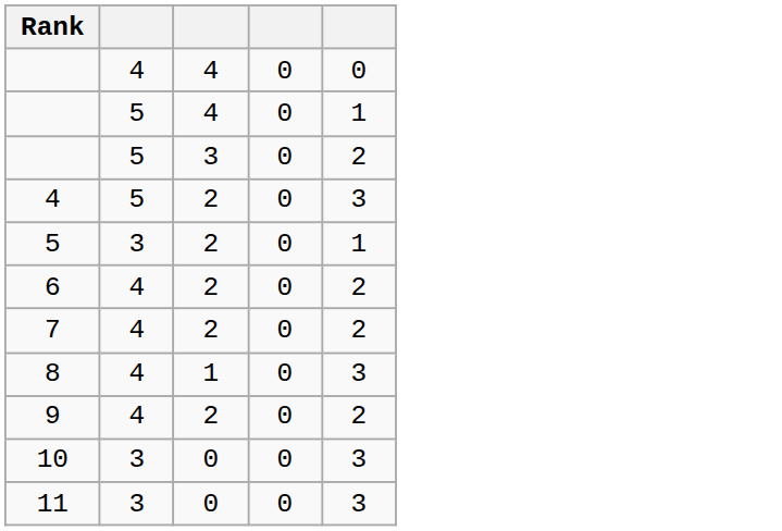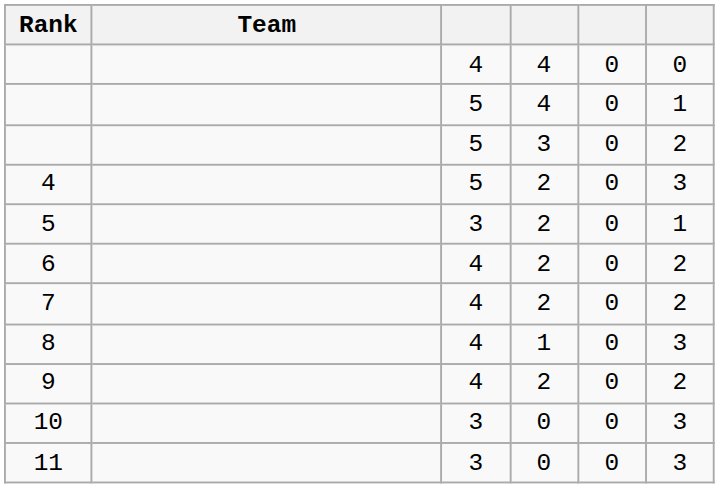 <table class="wikitable" style="text-align: center;">
 <tr>
 <th width=40>Rank</th>
+<th width=180>Team</th>
 <th width=30></th>
 <th width=30></th>
 <th width=30></th>
 <th width=30></th>
 </tr>
 <tr>
 <td></td>
+<td align="left"></td>
 <td>4</td>
 <td>4</td>
 <td>0</td>
 <td>0</td>
 </tr>
 <tr>
 <td></td>
+<td align="left"></td>
 <td>5</td>
 <td>4</td>
 <td>0</td>
 <td>1</td>
 </tr>
 <tr>
 <td></td>
+<td align="left"></td>
 <td>5</td>
 <td>3</td>
 <td>0</td>
 <td>2</td>
 </tr>
 <tr>
 <td>4</td>
+<td align="left"></td>
 <td>5</td>
 <td>2</td>
 <td>0</td>
 <td>3</td>
 </tr>
 <tr>
 <td>5</td>
+<td align="left"></td>
 <td>3</td>
 <td>2</td>
 <td>0</td>
 <td>1</td>
 </tr>
 <tr>
 <td>6</td>
+<td align="left"></td>
 <td>4</td>
 <td>2</td>
 <td>0</td>
 <td>2</td>
 </tr>
 <tr>
 <td>7</td>
+<td align="left"></td>
 <td>4</td>
 <td>2</td>
 <td>0</td>
 <td>2</td>
 </tr>
 <tr>
 <td>8</td>
+<td align="left"></td>
 <td>4</td>
 <td>1</td>
 <td>0</td>
 <td>3</td>
 </tr>
 <tr>
 <td>9</td>
+<td align="left"></td>
 <td>4</td>
 <td>2</td>
 <td>0</td>
 <td>2</td>
 </tr>
 <tr>
 <td>10</td>
+<td align="left"></td>
 <td>3</td>
 <td>0</td>
 <td>0</td>
 <td>3</td>
 </tr>
 <tr>
 <td>11</td>
+<td align="left"></td>
 <td>3</td>
 <td>0</td>
 <td>0</td>
 <td>3</td>
 </tr>
 </table>
